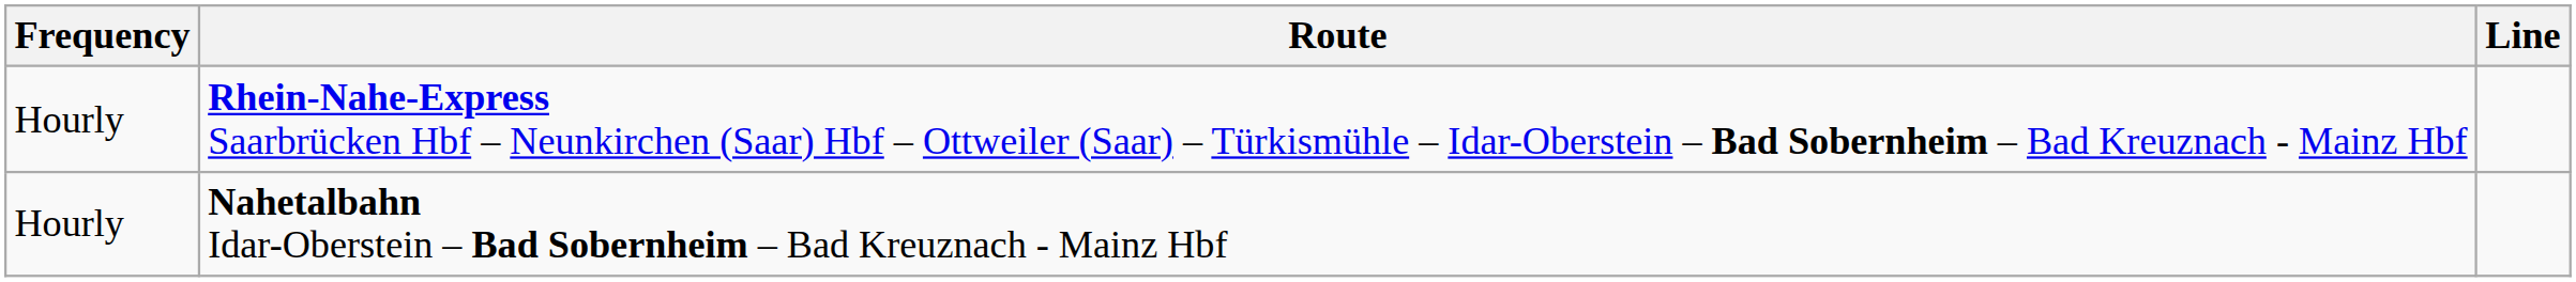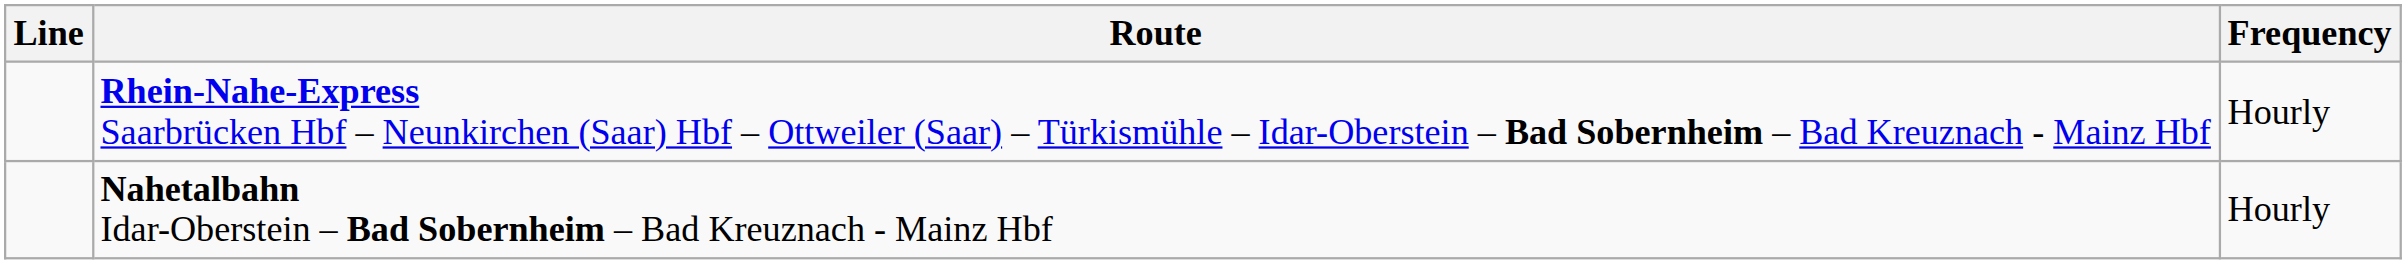 <table class="wikitable">
 <tr>
+<th>Line</th>
+<th>Route</th>
 <th>Frequency</th>
-<th>Route</th>
-<th>Line</th>
 </tr>
 <tr>
+<td></td>
+<td><strong><a href='#'>Rhein-Nahe-Express</a></strong><br><a href='#'>Saarbrücken Hbf</a> – <a href='#'>Neunkirchen (Saar) Hbf</a> – <a href='#'>Ottweiler (Saar)</a> – <a href='#'>Türkismühle</a> – <a href='#'>Idar-Oberstein</a> – <strong>Bad Sobernheim</strong> – <a href='#'>Bad Kreuznach</a> - <a href='#'>Mainz Hbf</a></td>
 <td>Hourly</td>
-<td><strong><a href='#'>Rhein-Nahe-Express</a></strong><br><a href='#'>Saarbrücken Hbf</a> – <a href='#'>Neunkirchen (Saar) Hbf</a> – <a href='#'>Ottweiler (Saar)</a> – <a href='#'>Türkismühle</a> – <a href='#'>Idar-Oberstein</a> – <strong>Bad Sobernheim</strong> – <a href='#'>Bad Kreuznach</a> - <a href='#'>Mainz Hbf</a></td>
-<td></td>
 </tr>
 <tr>
+<td></td>
+<td><strong>Nahetalbahn</strong><br>Idar-Oberstein – <strong>Bad Sobernheim</strong> – Bad Kreuznach - Mainz Hbf</td>
 <td>Hourly</td>
-<td><strong>Nahetalbahn</strong><br>Idar-Oberstein – <strong>Bad Sobernheim</strong> – Bad Kreuznach - Mainz Hbf</td>
-<td></td>
 </tr>
 </table>
